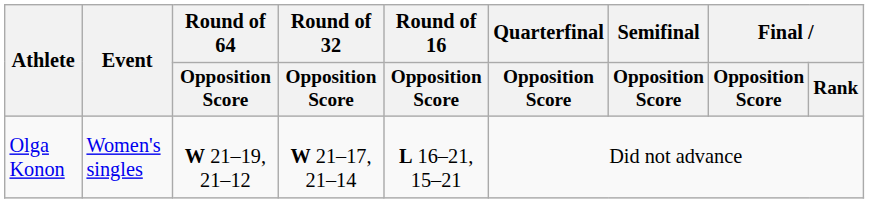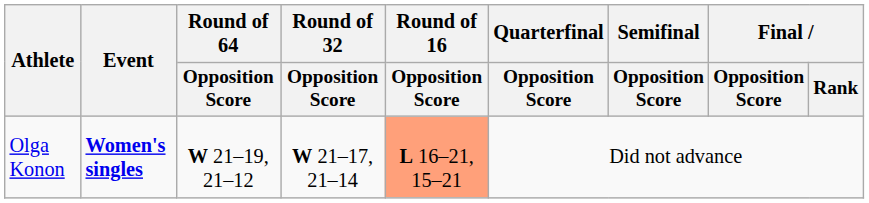 <table class=wikitable style="font-size:90%">
 <tr>
 <th rowspan="2">Athlete</th>
 <th rowspan="2">Event</th>
 <th>Round of 64</th>
 <th>Round of 32</th>
 <th>Round of 16</th>
 <th>Quarterfinal</th>
 <th>Semifinal</th>
 <th colspan=2>Final / </th>
 </tr>
 <tr style="font-size:95%">
 <th>Opposition<br>Score</th>
 <th>Opposition<br>Score</th>
 <th>Opposition<br>Score</th>
 <th>Opposition<br>Score</th>
 <th>Opposition<br>Score</th>
 <th>Opposition<br>Score</th>
 <th>Rank</th>
 </tr>
 <tr align=center>
 <td align=left><a href='#'>Olga Konon</a></td>
-<td align=left><a href='#'>Women's singles</a></td>
+<td align=left><strong><a href='#'>Women's singles</a></strong></td>
 <td><br><strong>W</strong> 21–19, 21–12</td>
 <td><br><strong>W</strong> 21–17, 21–14</td>
-<td><br><strong>L</strong> 16–21, 15–21</td>
+<td style="background: lightsalmon;"><br><strong>L</strong> 16–21, 15–21</td>
 <td colspan=4>Did not advance</td>
 </tr>
 </table>
